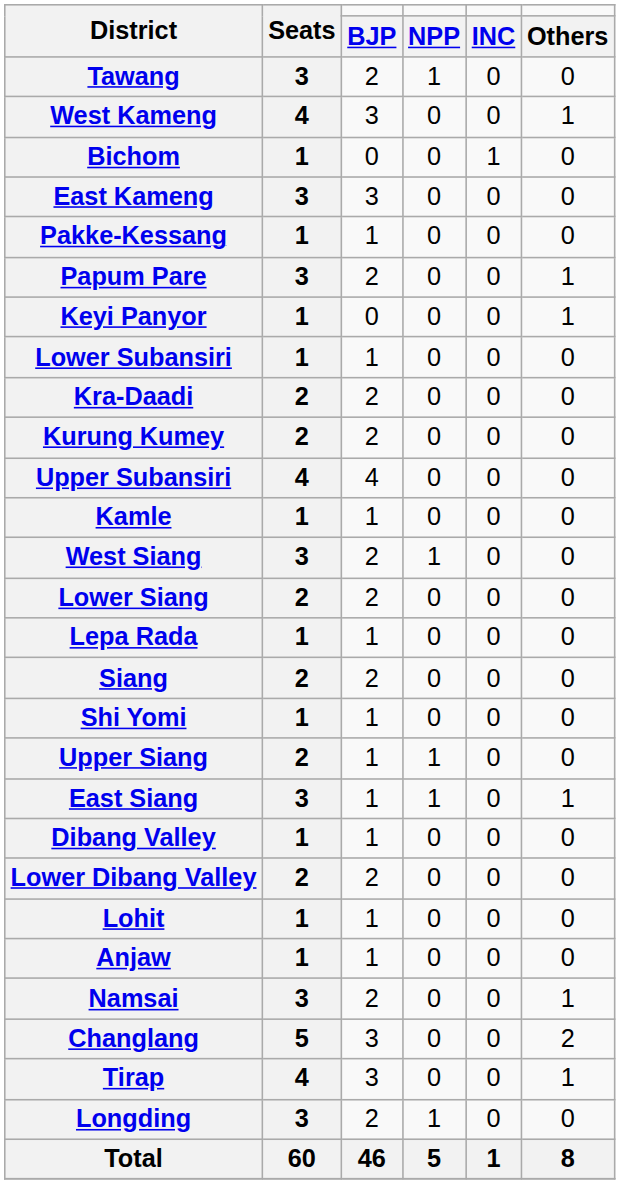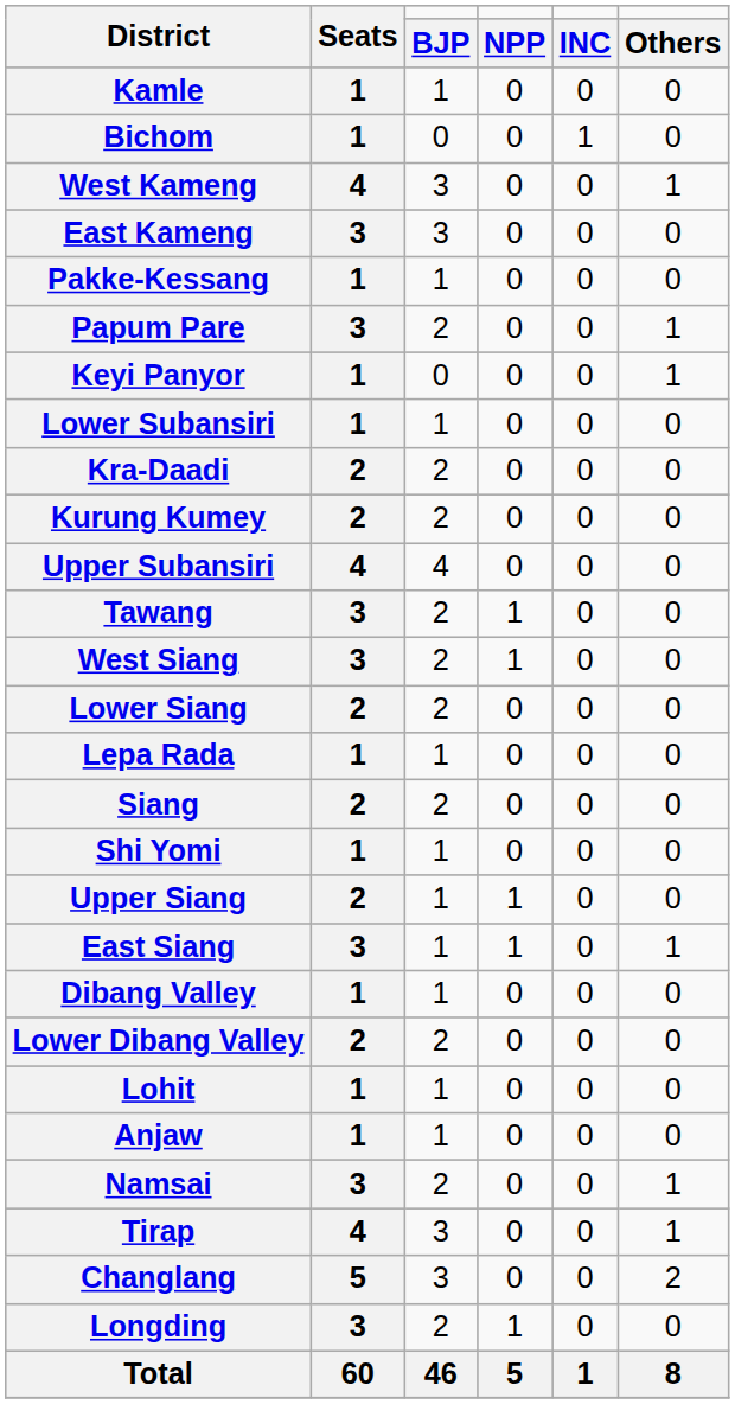 <table class="wikitable" style="text-align:center;">
 <tr>
 <th rowspan="2">District</th>
 <th rowspan="2">Seats</th>
 <td></td>
 <td></td>
 <td></td>
 <td></td>
 </tr>
 <tr>
 <th><a href='#'>BJP</a></th>
 <th><a href='#'>NPP</a></th>
 <th><a href='#'>INC</a></th>
 <th>Others</th>
 </tr>
 <tr>
-<th><a href='#'>Tawang</a></th>
-<th>3</th>
-<td style="background:">2</td>
-<td>1</td>
+<th><a href='#'>Kamle</a></th>
+<th>1</th>
+<td style="background:">1</td>
 <td>0</td>
+<td>0</td>
+<td>0</td>
+</tr>
+<tr>
+<th><a href='#'>Bichom</a></th>
+<th>1</th>
+<td>0</td>
+<td>0</td>
+<td style="background:">1</td>
 <td>0</td>
 </tr>
 <tr>
 <th><a href='#'>West Kameng</a></th>
 <th>4</th>
 <td style="background:">3</td>
 <td>0</td>
 <td>0</td>
 <td>1</td>
-</tr>
-<tr>
-<th><a href='#'>Bichom</a></th>
-<th>1</th>
-<td>0</td>
-<td>0</td>
-<td style="background:">1</td>
-<td>0</td>
 </tr>
 <tr>
 <th><a href='#'>East Kameng</a></th>
 <th>3</th>
 <td style="background:">3</td>
 <td>0</td>
 <td>0</td>
 <td>0</td>
 </tr>
 <tr>
 <th><a href='#'>Pakke-Kessang</a></th>
 <th>1</th>
 <td style="background:">1</td>
 <td>0</td>
 <td>0</td>
 <td>0</td>
 </tr>
 <tr>
 <th><a href='#'>Papum Pare</a></th>
 <th>3</th>
 <td style="background:">2</td>
 <td>0</td>
 <td>0</td>
 <td>1</td>
 </tr>
 <tr>
 <th><a href='#'>Keyi Panyor</a></th>
 <th>1</th>
 <td>0</td>
 <td>0</td>
 <td>0</td>
 <td style="background:">1</td>
 </tr>
 <tr>
 <th><a href='#'>Lower Subansiri</a></th>
 <th>1</th>
 <td style="background:">1</td>
 <td>0</td>
 <td>0</td>
 <td>0</td>
 </tr>
 <tr>
 <th><a href='#'>Kra-Daadi</a></th>
 <th>2</th>
 <td style="background:">2</td>
 <td>0</td>
 <td>0</td>
 <td>0</td>
 </tr>
 <tr>
 <th><a href='#'>Kurung Kumey</a></th>
 <th>2</th>
 <td style="background:">2</td>
 <td>0</td>
 <td>0</td>
 <td>0</td>
 </tr>
 <tr>
 <th><a href='#'>Upper Subansiri</a></th>
 <th>4</th>
 <td style="background:">4</td>
 <td>0</td>
 <td>0</td>
 <td>0</td>
 </tr>
 <tr>
-<th><a href='#'>Kamle</a></th>
-<th>1</th>
-<td style="background:">1</td>
-<td>0</td>
+<th><a href='#'>Tawang</a></th>
+<th>3</th>
+<td style="background:">2</td>
+<td>1</td>
 <td>0</td>
 <td>0</td>
 </tr>
 <tr>
 <th><a href='#'>West Siang</a></th>
 <th>3</th>
 <td style="background:">2</td>
 <td>1</td>
 <td>0</td>
 <td>0</td>
 </tr>
 <tr>
 <th><a href='#'>Lower Siang</a></th>
 <th>2</th>
 <td style="background:">2</td>
 <td>0</td>
 <td>0</td>
 <td>0</td>
 </tr>
 <tr>
 <th><a href='#'>Lepa Rada</a></th>
 <th>1</th>
 <td style="background:">1</td>
 <td>0</td>
 <td>0</td>
 <td>0</td>
 </tr>
 <tr>
 <th><a href='#'>Siang</a></th>
 <th>2</th>
 <td style="background:">2</td>
 <td>0</td>
 <td>0</td>
 <td>0</td>
 </tr>
 <tr>
 <th><a href='#'>Shi Yomi</a></th>
 <th>1</th>
 <td style="background:">1</td>
 <td>0</td>
 <td>0</td>
 <td>0</td>
 </tr>
 <tr>
 <th><a href='#'>Upper Siang</a></th>
 <th>2</th>
 <td>1</td>
 <td>1</td>
 <td>0</td>
 <td>0</td>
 </tr>
 <tr>
 <th><a href='#'>East Siang</a></th>
 <th>3</th>
 <td>1</td>
 <td>1</td>
 <td>0</td>
 <td>1</td>
 </tr>
 <tr>
 <th><a href='#'>Dibang Valley</a></th>
 <th>1</th>
 <td style="background:">1</td>
 <td>0</td>
 <td>0</td>
 <td>0</td>
 </tr>
 <tr>
 <th><a href='#'>Lower Dibang Valley</a></th>
 <th>2</th>
 <td style="background:">2</td>
 <td>0</td>
 <td>0</td>
 <td>0</td>
 </tr>
 <tr>
 <th><a href='#'>Lohit</a></th>
 <th>1</th>
 <td style="background:">1</td>
 <td>0</td>
 <td>0</td>
 <td>0</td>
 </tr>
 <tr>
 <th><a href='#'>Anjaw</a></th>
 <th>1</th>
 <td style="background:">1</td>
 <td>0</td>
 <td>0</td>
 <td>0</td>
 </tr>
 <tr>
 <th><a href='#'>Namsai</a></th>
 <th>3</th>
 <td style="background:">2</td>
 <td>0</td>
 <td>0</td>
 <td>1</td>
 </tr>
 <tr>
+<th><a href='#'>Tirap</a></th>
+<th>4</th>
+<td style="background:">3</td>
+<td>0</td>
+<td>0</td>
+<td>1</td>
+</tr>
+<tr>
 <th><a href='#'>Changlang</a></th>
 <th>5</th>
 <td style="background:">3</td>
 <td>0</td>
 <td>0</td>
 <td>2</td>
-</tr>
-<tr>
-<th><a href='#'>Tirap</a></th>
-<th>4</th>
-<td style="background:">3</td>
-<td>0</td>
-<td>0</td>
-<td>1</td>
 </tr>
 <tr>
 <th><a href='#'>Longding</a></th>
 <th>3</th>
 <td style="background:">2</td>
 <td>1</td>
 <td>0</td>
 <td>0</td>
 </tr>
 <tr>
 <th>Total</th>
 <th>60</th>
 <th>46</th>
 <th>5</th>
 <th>1</th>
 <th>8</th>
 </tr>
 <tr>
 </tr>
 </table>
